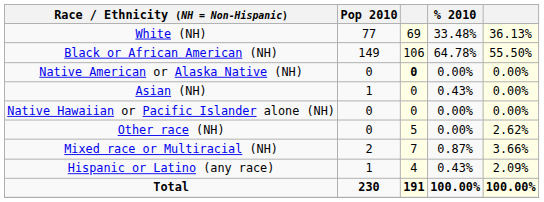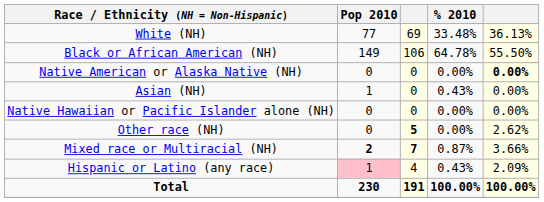 <table class="wikitable" style="text-align:center;">
 <tr>
 <th>Race / Ethnicity <small>(<em>NH = Non-Hispanic</em>)</small></th>
 <th>Pop 2010</th>
 <th></th>
 <th>% 2010</th>
 <th></th>
 </tr>
 <tr>
 <td><a href='#'>White</a> (NH)</td>
 <td>77</td>
 <td style='background: #ffffe6;'>69</td>
 <td>33.48%</td>
 <td style='background: #ffffe6;'>36.13%</td>
 </tr>
 <tr>
 <td><a href='#'>Black or African American</a> (NH)</td>
 <td>149</td>
 <td style='background: #ffffe6;'>106</td>
 <td>64.78%</td>
 <td style='background: #ffffe6;'>55.50%</td>
 </tr>
 <tr>
 <td><a href='#'>Native American</a> or <a href='#'>Alaska Native</a> (NH)</td>
 <td>0</td>
-<td style='background: #ffffe6;'><strong>0</strong></td>
+<td style='background: #ffffe6;'>0</td>
 <td>0.00%</td>
-<td style='background: #ffffe6;'>0.00%</td>
+<td style='background: #ffffe6;'><strong>0.00%</strong></td>
 </tr>
 <tr>
 <td><a href='#'>Asian</a> (NH)</td>
 <td>1</td>
 <td style='background: #ffffe6;'>0</td>
 <td>0.43%</td>
 <td style='background: #ffffe6;'>0.00%</td>
 </tr>
 <tr>
 <td><a href='#'>Native Hawaiian</a> or <a href='#'>Pacific Islander</a> alone (NH)</td>
 <td>0</td>
 <td style='background: #ffffe6;'>0</td>
 <td>0.00%</td>
 <td style='background: #ffffe6;'>0.00%</td>
 </tr>
 <tr>
 <td><a href='#'>Other race</a> (NH)</td>
 <td>0</td>
-<td style='background: #ffffe6;'>5</td>
+<td style='background: #ffffe6;'><strong>5</strong></td>
 <td>0.00%</td>
 <td style='background: #ffffe6;'>2.62%</td>
 </tr>
 <tr>
 <td><a href='#'>Mixed race or Multiracial</a> (NH)</td>
-<td>2</td>
-<td style='background: #ffffe6;'>7</td>
+<td><strong>2</strong></td>
+<td style='background: #ffffe6;'><strong>7</strong></td>
 <td>0.87%</td>
 <td style='background: #ffffe6;'>3.66%</td>
 </tr>
 <tr>
 <td><a href='#'>Hispanic or Latino</a> (any race)</td>
-<td>1</td>
+<td style="background: pink;">1</td>
 <td style='background: #ffffe6;'>4</td>
 <td>0.43%</td>
 <td style='background: #ffffe6;'>2.09%</td>
 </tr>
 <tr>
 <td><strong>Total</strong></td>
 <td><strong>230</strong></td>
 <td style='background: #ffffe6;'><strong>191</strong></td>
 <td><strong>100.00%</strong></td>
 <td style='background: #ffffe6;'><strong>100.00%</strong></td>
 </tr>
 <tr>
 </tr>
 </table>
